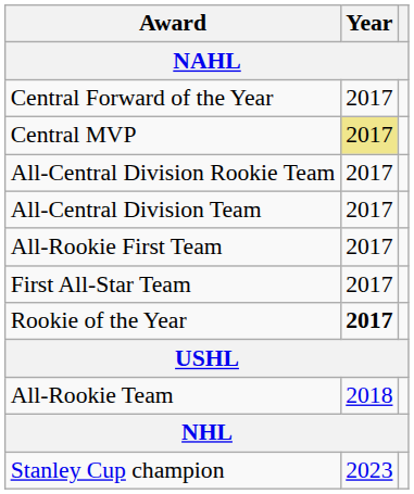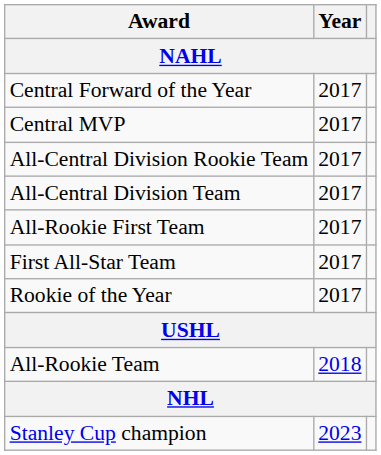 <table class="wikitable">
 <tr>
 <th>Award</th>
 <th>Year</th>
 <th></th>
 </tr>
 <tr ALIGN="center" bgcolor="#e0e0e0">
 <th colspan="3"><a href='#'>NAHL</a></th>
 </tr>
 <tr>
 <td>Central Forward of the Year</td>
 <td>2017</td>
 <td></td>
 </tr>
 <tr>
 <td>Central MVP</td>
-<td style="background: khaki;">2017</td>
+<td>2017</td>
 <td></td>
 </tr>
 <tr>
 <td>All-Central Division Rookie Team</td>
 <td>2017</td>
 <td></td>
 </tr>
 <tr>
 <td>All-Central Division Team</td>
 <td>2017</td>
 <td></td>
 </tr>
 <tr>
 <td>All-Rookie First Team</td>
 <td>2017</td>
 <td></td>
 </tr>
 <tr>
 <td>First All-Star Team</td>
 <td>2017</td>
 <td></td>
 </tr>
 <tr>
 <td>Rookie of the Year</td>
-<td><strong>2017</strong></td>
+<td>2017</td>
 <td></td>
 </tr>
 <tr ALIGN="center" bgcolor="#e0e0e0">
 <th colspan="3"><a href='#'>USHL</a></th>
 </tr>
 <tr>
 <td>All-Rookie Team</td>
 <td><a href='#'>2018</a></td>
 <td></td>
 </tr>
 <tr>
 <th colspan="3"><a href='#'>NHL</a></th>
 </tr>
 <tr>
 <td><a href='#'>Stanley Cup</a> champion</td>
 <td><a href='#'>2023</a></td>
 <td></td>
 </tr>
 </table>
